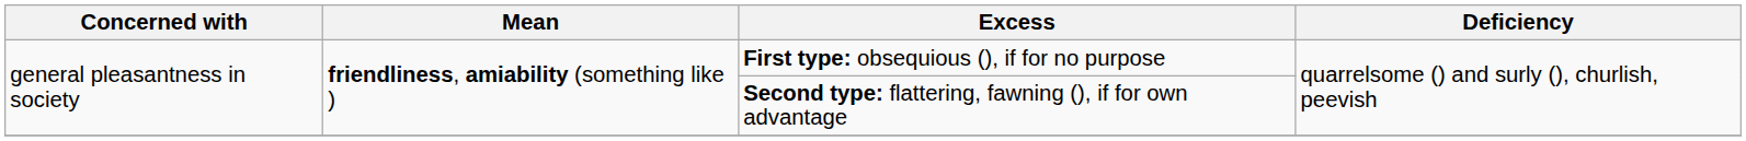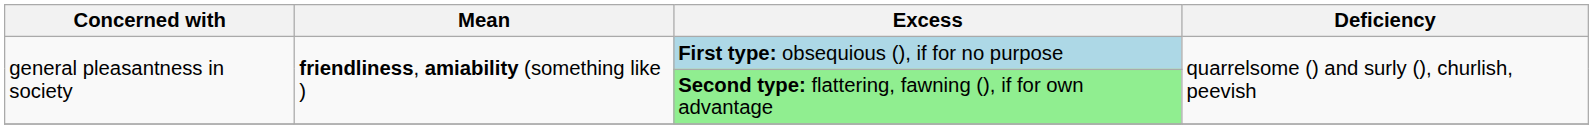 <table class="wikitable">
 <tr>
 <th>Concerned with</th>
 <th>Mean</th>
 <th>Excess</th>
 <th>Deficiency</th>
 </tr>
 <tr>
 <td rowspan="2">general pleasantness in society</td>
 <td rowspan="2"><strong>friendliness</strong>, <strong>amiability</strong> (something like )</td>
-<td rowspan="1"><strong>First type:</strong> obsequious (), if for no purpose</td>
+<td rowspan="1" style="background: lightblue;"><strong>First type:</strong> obsequious (), if for no purpose</td>
 <td rowspan="2">quarrelsome () and surly (), churlish, peevish</td>
 </tr>
 <tr>
-<td><strong>Second type:</strong> flattering, fawning (), if for own advantage</td>
+<td style="background: lightgreen;"><strong>Second type:</strong> flattering, fawning (), if for own advantage</td>
 </tr>
 <tr>
 </tr>
 </table>
